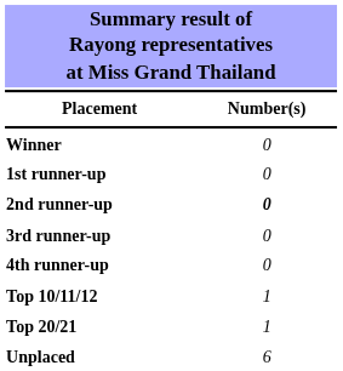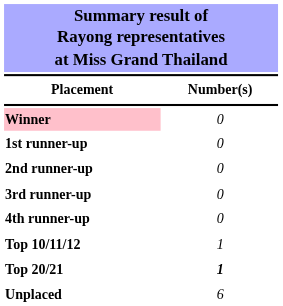 <table style="width: 270px; font-size:85%; line-height:1.5em;">
 <tr>
 <th colspan="2" align="center" style="background:#AAF;"><big>Summary result of<br>Rayong representatives<br>at Miss Grand Thailand</big></th>
 </tr>
 <tr>
 <td colspan="2" style="background:black"></td>
 </tr>
 <tr>
 <th scope="col">Placement</th>
 <th scope="col">Number(s)</th>
 </tr>
 <tr>
 <td colspan="2" style="background:black"></td>
 </tr>
 <tr>
-<td align="left"><strong>Winner</strong></td>
+<td align="left" style="background: pink;"><strong>Winner</strong></td>
 <td align="center"><em>0</em></td>
 </tr>
 <tr>
 <td align="left"><strong>1st runner-up</strong></td>
 <td align="center"><em>0</em></td>
 </tr>
 <tr>
 <td align="left"><strong>2nd runner-up</strong></td>
-<td align="center"><strong><em>0</em></strong></td>
+<td align="center"><em>0</em></td>
 </tr>
 <tr>
 <td align="left"><strong>3rd runner-up</strong></td>
 <td align="center"><em>0</em></td>
 </tr>
 <tr>
 <td align="left"><strong>4th runner-up</strong></td>
 <td align="center"><em>0</em></td>
 </tr>
 <tr>
 <td align="left"><strong>Top 10/11/12</strong></td>
 <td align="center"><em>1</em></td>
 </tr>
 <tr>
 <td align="left"><strong>Top 20/21</strong></td>
-<td align="center"><em>1</em></td>
+<td align="center"><strong><em>1</em></strong></td>
 </tr>
 <tr>
 <td align="left"><strong>Unplaced</strong></td>
 <td align="center"><em>6</em></td>
 </tr>
 </table>
